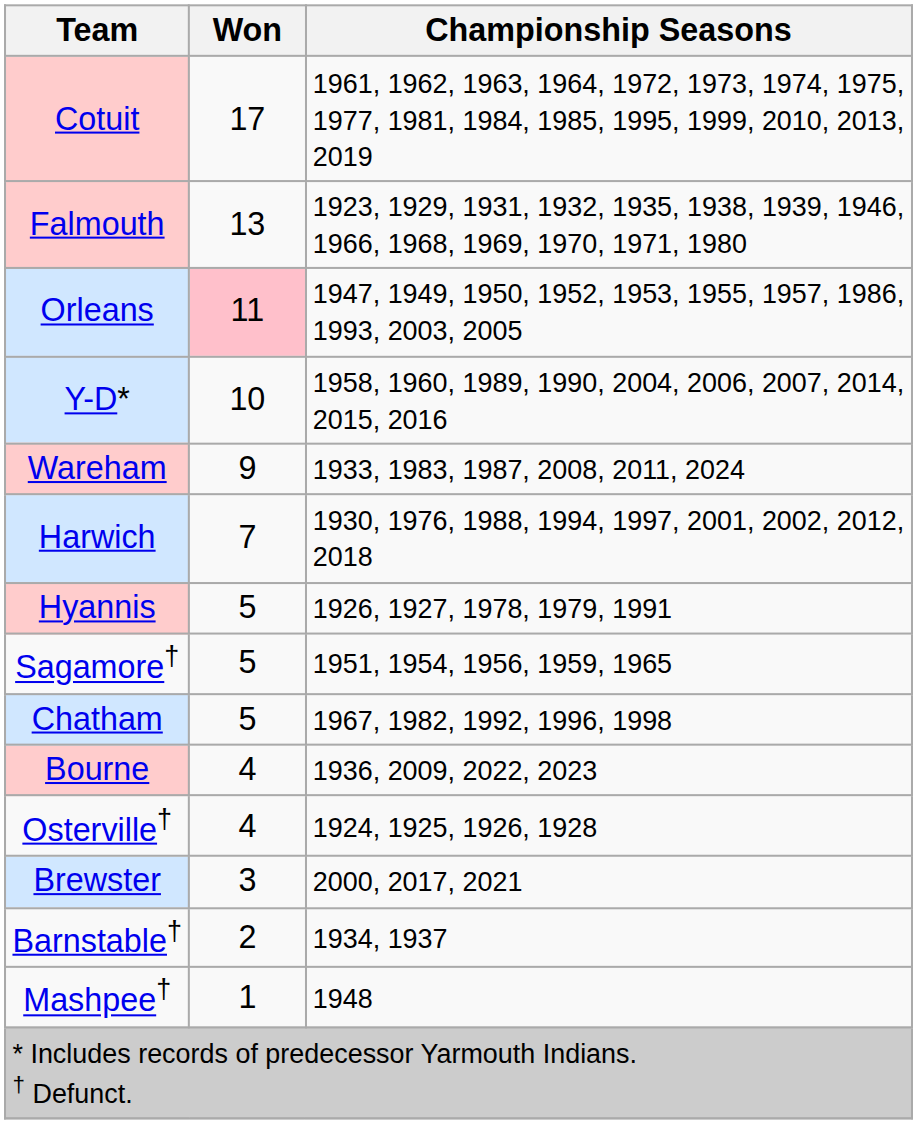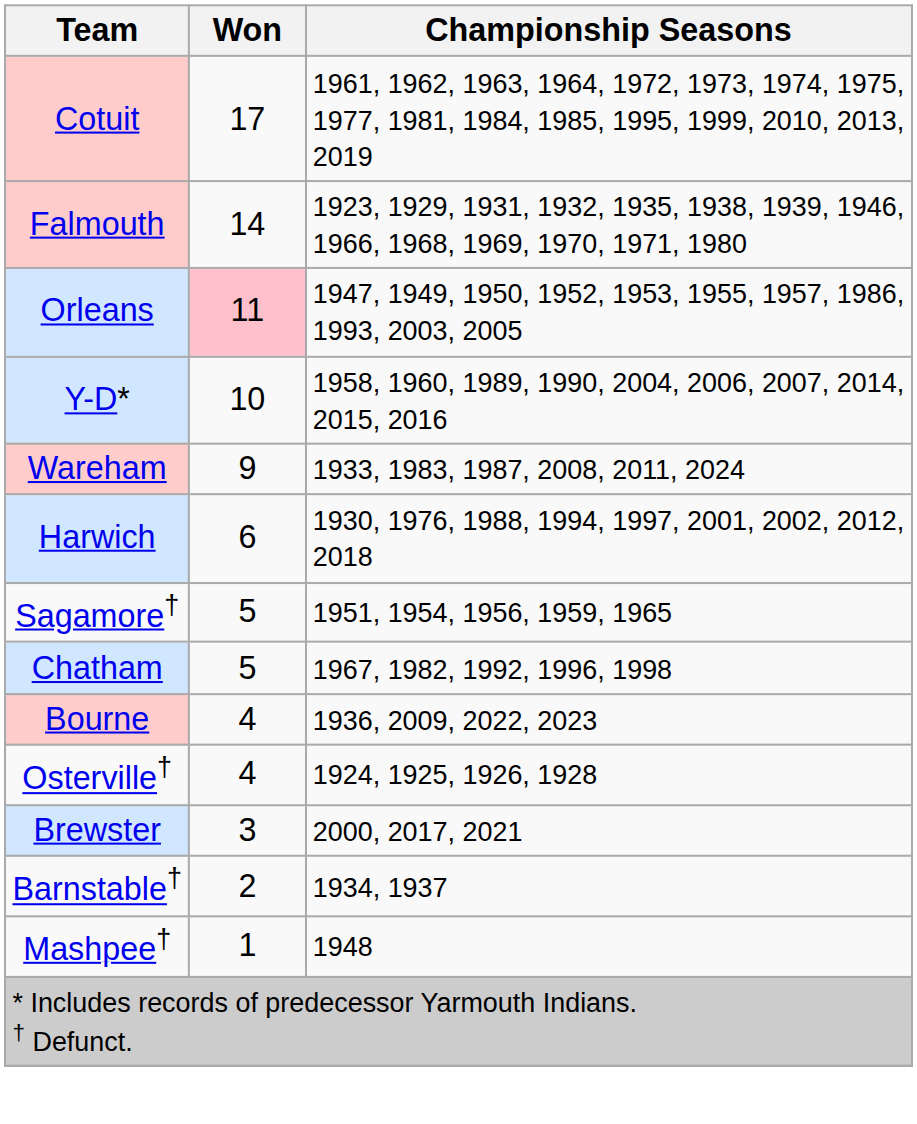 <table class="wikitable" style="display: inline-table; text-align:center">
 <tr>
 <th>Team</th>
 <th scope="col" style="width: 50px;">Won</th>
 <th>Championship Seasons</th>
 </tr>
 <tr>
 <td bgcolor=#ffcccc><a href='#'>Cotuit</a></td>
 <td>17</td>
 <td style="text-align:left"><small>1961, 1962, 1963, 1964, 1972, 1973, 1974, 1975,<br>1977, 1981, 1984, 1985, 1995, 1999, 2010, 2013,<br>2019</small></td>
 </tr>
 <tr>
 <td bgcolor=#ffcccc><a href='#'>Falmouth</a></td>
-<td>13</td>
+<td>14</td>
 <td style="text-align:left"><small>1923, 1929, 1931, 1932, 1935, 1938, 1939, 1946,<br>1966, 1968, 1969, 1970, 1971, 1980</small></td>
 </tr>
 <tr>
 <td bgcolor=#D0E7FF><a href='#'>Orleans</a></td>
 <td style="background: pink;">11</td>
 <td style="text-align:left"><small>1947, 1949, 1950, 1952, 1953, 1955, 1957, 1986,<br>1993, 2003, 2005</small></td>
 </tr>
 <tr>
 <td bgcolor=#D0E7FF><a href='#'>Y-D</a>*</td>
 <td>10</td>
 <td style="text-align:left"><small>1958, 1960, 1989, 1990, 2004, 2006, 2007, 2014,<br>2015, 2016</small></td>
 </tr>
 <tr>
 <td bgcolor=#ffcccc><a href='#'>Wareham</a></td>
 <td>9</td>
 <td style="text-align:left"><small>1933, 1983, 1987, 2008, 2011, 2024</small></td>
 </tr>
 <tr>
 <td bgcolor=#D0E7FF><a href='#'>Harwich</a></td>
-<td>7</td>
+<td>6</td>
 <td style="text-align:left"><small>1930, 1976, 1988, 1994, 1997, 2001, 2002, 2012,<br>2018</small></td>
-</tr>
-<tr>
-<td bgcolor=#ffcccc><a href='#'>Hyannis</a></td>
-<td>5</td>
-<td style="text-align:left"><small>1926, 1927, 1978, 1979, 1991</small></td>
 </tr>
 <tr>
 <td><a href='#'>Sagamore</a><sup>†</sup></td>
 <td>5</td>
 <td style="text-align:left"><small>1951, 1954, 1956, 1959, 1965</small></td>
 </tr>
 <tr>
 <td bgcolor=#D0E7FF><a href='#'>Chatham</a></td>
 <td>5</td>
 <td style="text-align:left"><small>1967, 1982, 1992, 1996, 1998</small></td>
 </tr>
 <tr>
 <td bgcolor=#ffcccc><a href='#'>Bourne</a></td>
 <td>4</td>
 <td style="text-align:left"><small>1936, 2009, 2022, 2023</small></td>
 </tr>
 <tr>
 <td><a href='#'>Osterville</a><sup>†</sup></td>
 <td>4</td>
 <td style="text-align:left"><small>1924, 1925, 1926, 1928</small></td>
 </tr>
 <tr>
 <td bgcolor=#D0E7FF><a href='#'>Brewster</a></td>
 <td>3</td>
 <td style="text-align:left"><small>2000, 2017, 2021</small></td>
 </tr>
 <tr>
 <td><a href='#'>Barnstable</a><sup>†</sup></td>
 <td>2</td>
 <td style="text-align:left"><small>1934, 1937</small></td>
 </tr>
 <tr>
 <td><a href='#'>Mashpee</a><sup>†</sup></td>
 <td>1</td>
 <td style="text-align:left"><small>1948</small></td>
 </tr>
 <tr>
 <td colspan="3" align="left" bgcolor=#cccccc><small>* Includes records of predecessor Yarmouth Indians.<br><sup>†</sup> Defunct.</small></td>
 </tr>
 <tr>
 </tr>
 </table>
